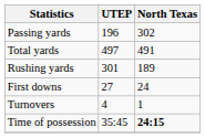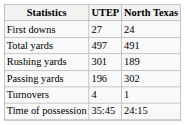 <table class="wikitable">
 <tr>
 <th>Statistics</th>
 <th>UTEP</th>
 <th>North Texas</th>
 </tr>
 <tr>
-<td>Passing yards</td>
-<td>196</td>
-<td>302</td>
+<td>First downs</td>
+<td>27</td>
+<td>24</td>
 </tr>
 <tr>
 <td>Total yards</td>
 <td>497</td>
 <td>491</td>
 </tr>
 <tr>
 <td>Rushing yards</td>
 <td>301</td>
 <td>189</td>
 </tr>
 <tr>
-<td>First downs</td>
-<td>27</td>
-<td>24</td>
+<td>Passing yards</td>
+<td>196</td>
+<td>302</td>
 </tr>
 <tr>
 <td>Turnovers</td>
 <td>4</td>
 <td>1</td>
 </tr>
 <tr>
 <td>Time of possession</td>
 <td>35:45</td>
-<td><strong>24:15</strong></td>
+<td>24:15</td>
 </tr>
 <tr>
 </tr>
 </table>
